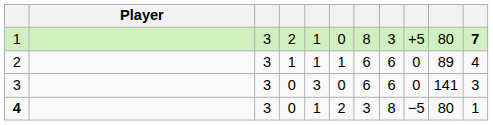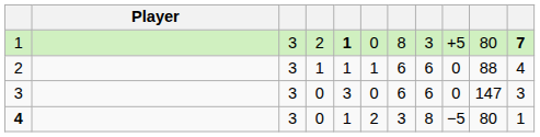 <table class="wikitable" style="text-align:center; margin: 1em auto 1em auto, align:left">
 <tr>
 <th width=20></th>
 <th width=240>Player</th>
 <th width=20></th>
 <th width=20></th>
 <th width=20></th>
 <th width=20></th>
 <th width=20></th>
 <th width=20></th>
 <th width=20></th>
 <th width=30></th>
 <th width=20></th>
 </tr>
 <tr style="background:#D0F0C0;">
 <td>1</td>
 <td align=left></td>
 <td>3</td>
 <td>2</td>
-<td>1</td>
+<td><strong>1</strong></td>
 <td>0</td>
 <td>8</td>
 <td>3</td>
 <td>+5</td>
 <td>80</td>
 <td><strong>7</strong></td>
 </tr>
 <tr style=>
 <td>2</td>
 <td align=left></td>
 <td>3</td>
 <td>1</td>
 <td>1</td>
 <td>1</td>
 <td>6</td>
 <td>6</td>
 <td>0</td>
-<td>89</td>
+<td>88</td>
 <td>4</td>
 </tr>
 <tr style=>
 <td>3</td>
 <td align=left></td>
 <td>3</td>
 <td>0</td>
 <td>3</td>
 <td>0</td>
 <td>6</td>
 <td>6</td>
 <td>0</td>
-<td>141</td>
+<td>147</td>
 <td>3</td>
 </tr>
 <tr style=>
 <td><strong>4</strong></td>
 <td align=left></td>
 <td>3</td>
 <td>0</td>
 <td>1</td>
 <td>2</td>
 <td>3</td>
 <td>8</td>
 <td>−5</td>
 <td>80</td>
 <td>1</td>
 </tr>
 </table>
